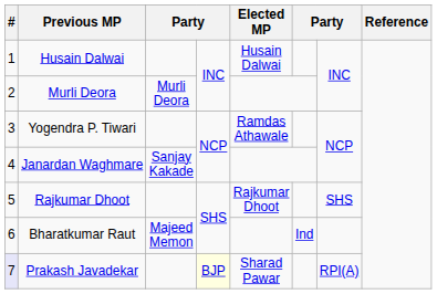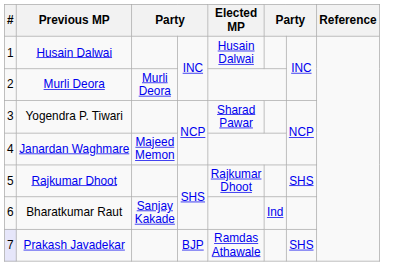 <table class="wikitable">
 <tr>
 <th>#</th>
 <th>Previous MP</th>
 <th colspan=2>Party</th>
 <th>Elected MP</th>
 <th colspan=2>Party</th>
 <th>Reference</th>
 </tr>
 <tr style="text-align:center;">
 <td>1</td>
 <td><a href='#'>Husain Dalwai</a></td>
 <td></td>
 <td rowspan=2><a href='#'>INC</a></td>
 <td><a href='#'>Husain Dalwai</a></td>
 <td></td>
 <td rowspan=2><a href='#'>INC</a></td>
 <td rowspan=7></td>
 </tr>
 <tr style="text-align:center;">
 <td>2</td>
 <td><a href='#'>Murli Deora</a></td>
 <td><a href='#'>Murli Deora</a></td>
 </tr>
 <tr style="text-align:center;">
 <td>3</td>
 <td>Yogendra P. Tiwari</td>
 <td width="1px"></td>
 <td rowspan=2><a href='#'>NCP</a></td>
-<td><a href='#'>Ramdas Athawale</a></td>
+<td><a href='#'>Sharad Pawar</a></td>
 <td width="1px"></td>
 <td rowspan=2><a href='#'>NCP</a></td>
 </tr>
 <tr style="text-align:center;">
 <td>4</td>
 <td><a href='#'>Janardan Waghmare</a></td>
-<td><a href='#'>Sanjay Kakade</a></td>
+<td><a href='#'>Majeed Memon</a></td>
 </tr>
 <tr style="text-align:center;">
 <td>5</td>
 <td><a href='#'>Rajkumar Dhoot</a></td>
 <td width="1px"></td>
 <td rowspan=2><a href='#'>SHS</a></td>
 <td><a href='#'>Rajkumar Dhoot</a></td>
 <td width="1px"></td>
 <td rowspan=1><a href='#'>SHS</a></td>
 </tr>
 <tr style="text-align:center;">
 <td>6</td>
 <td>Bharatkumar Raut</td>
-<td><a href='#'>Majeed Memon</a></td>
+<td><a href='#'>Sanjay Kakade</a></td>
 <td width="1px"></td>
 <td rowspan=1><a href='#'>Ind</a></td>
 </tr>
 <tr style="text-align:center;">
 <td style="background: lavender;">7</td>
 <td><a href='#'>Prakash Javadekar</a></td>
 <td width="1px"></td>
-<td rowspan=1 style="background: lightyellow;"><a href='#'>BJP</a></td>
-<td><a href='#'>Sharad Pawar</a></td>
+<td rowspan=1><a href='#'>BJP</a></td>
+<td><a href='#'>Ramdas Athawale</a></td>
 <td width="1px"></td>
-<td rowspan=1><a href='#'>RPI(A)</a></td>
+<td rowspan=1><a href='#'>SHS</a></td>
 </tr>
 </table>
